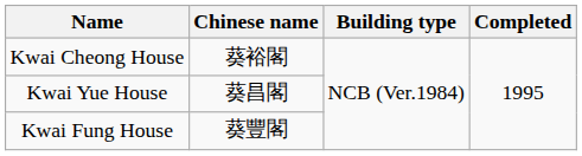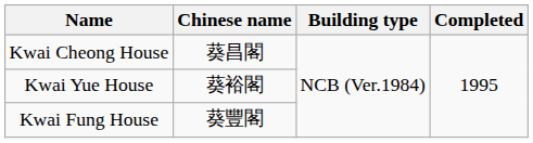 <table class="wikitable" style="text-align: center">
 <tr>
 <th>Name</th>
 <th>Chinese name</th>
 <th>Building type</th>
 <th>Completed</th>
 </tr>
 <tr>
 <td>Kwai Cheong House</td>
-<td>葵裕閣</td>
+<td>葵昌閣</td>
 <td rowspan="3">NCB (Ver.1984)</td>
 <td rowspan="3">1995</td>
 </tr>
 <tr>
 <td>Kwai Yue House</td>
-<td>葵昌閣</td>
+<td>葵裕閣</td>
 </tr>
 <tr>
 <td>Kwai Fung House</td>
 <td>葵豐閣</td>
 </tr>
 </table>
